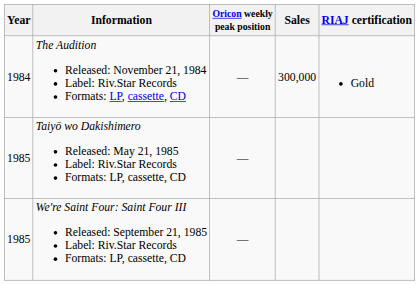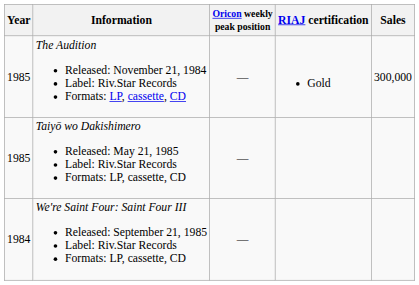 <table class="wikitable">
 <tr>
 <th>Year</th>
 <th>Information</th>
 <th><small><a href='#'>Oricon</a> weekly<br>peak position</small></th>
+<th><a href='#'>RIAJ</a> certification</th>
 <th>Sales<br></th>
-<th><a href='#'>RIAJ</a> certification</th>
 </tr>
 <tr>
-<td>1984</td>
+<td>1985</td>
 <td><em>The Audition</em><br><ul><li>Released: November 21, 1984</li><li>Label: Riv.Star Records</li><li>Formats: <a href='#'>LP</a>, <a href='#'>cassette</a>, <a href='#'>CD</a></li></ul></td>
 <td style="text-align:center;">—</td>
+<td align="left"><br><ul><li>Gold</li></ul></td>
 <td align="left">300,000</td>
-<td align="left"><br><ul><li>Gold</li></ul></td>
 </tr>
 <tr>
 <td>1985</td>
 <td><em>Taiyō wo Dakishimero</em><br><ul><li>Released: May 21, 1985</li><li>Label: Riv.Star Records</li><li>Formats: LP, cassette, CD</li></ul></td>
 <td style="text-align:center;">—</td>
 <td align="left"></td>
 <td align="left"></td>
 </tr>
 <tr>
-<td>1985</td>
+<td>1984</td>
 <td><em>We're Saint Four: Saint Four III</em><br><ul><li>Released: September 21, 1985</li><li>Label: Riv.Star Records</li><li>Formats: LP, cassette, CD</li></ul></td>
 <td style="text-align:center;">—</td>
 <td align="left"></td>
 <td align="left"></td>
 </tr>
 </table>
